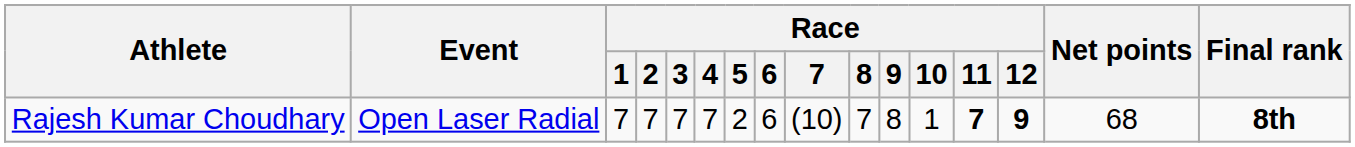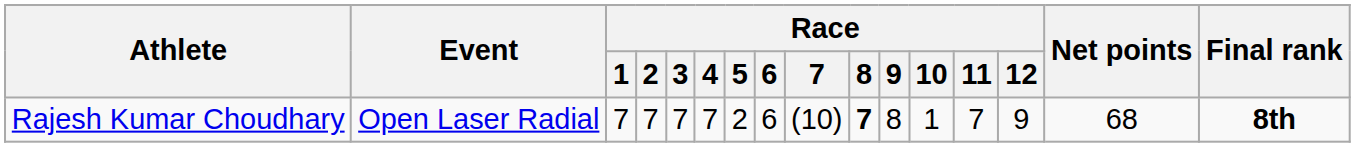 <table class="wikitable" border="1" style="font-size:90%">
 <tr>
 <th rowspan=2>Athlete</th>
 <th rowspan=2>Event</th>
 <th colspan=12>Race</th>
 <th rowspan=2>Net points</th>
 <th rowspan=2>Final rank</th>
 </tr>
 <tr>
 <th>1</th>
 <th>2</th>
 <th>3</th>
 <th>4</th>
 <th>5</th>
 <th>6</th>
 <th>7</th>
 <th>8</th>
 <th>9</th>
 <th>10</th>
 <th>11</th>
 <th>12</th>
 </tr>
 <tr align=center>
 <td align=left><a href='#'>Rajesh Kumar Choudhary</a></td>
 <td align=left><a href='#'>Open Laser Radial</a></td>
 <td>7</td>
 <td>7</td>
 <td>7</td>
 <td>7</td>
 <td>2</td>
 <td>6</td>
 <td>(10)</td>
-<td>7</td>
+<td><strong>7</strong></td>
 <td>8</td>
 <td>1</td>
-<td><strong>7</strong></td>
-<td><strong>9</strong></td>
+<td>7</td>
+<td>9</td>
 <td>68</td>
 <td><strong>8th</strong></td>
 </tr>
 </table>
